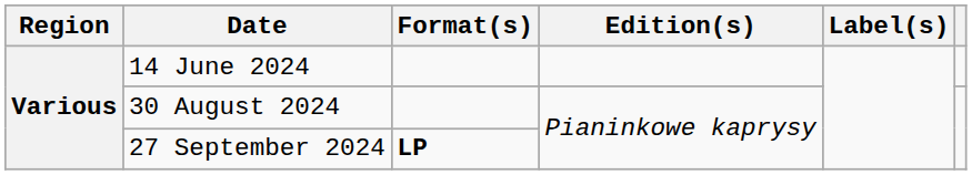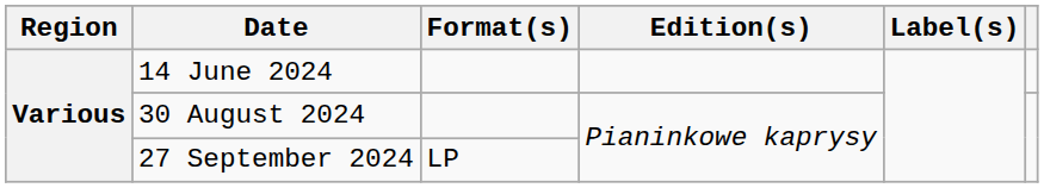 <table class="wikitable plainrowheaders">
 <tr>
 <th scope="col">Region</th>
 <th scope="col">Date</th>
 <th scope="col">Format(s)</th>
 <th scope="col">Edition(s)</th>
 <th scope="col">Label(s)</th>
 <th scope="col"></th>
 </tr>
 <tr>
 <th scope="row" rowspan="3">Various</th>
 <td>14 June 2024</td>
 <td></td>
 <td></td>
 <td rowspan="3"></td>
 <td></td>
 </tr>
 <tr>
 <td>30 August 2024</td>
 <td></td>
 <td rowspan="2"><em>Pianinkowe kaprysy</em></td>
 <td rowspan="2"></td>
 </tr>
 <tr>
 <td>27 September 2024</td>
-<td><strong>LP</strong></td>
+<td>LP</td>
 </tr>
 </table>
